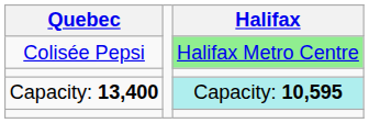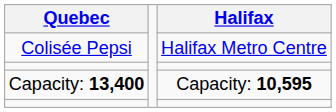 <table class="wikitable" style="text-align:center">
 <tr>
 <th><a href='#'>Quebec</a></th>
 <td rowspan=5 colspan=2></td>
 <th><a href='#'>Halifax</a></th>
 </tr>
 <tr>
 <td><a href='#'>Colisée Pepsi</a></td>
-<td style="background: lightgreen;"><a href='#'>Halifax Metro Centre</a></td>
+<td><a href='#'>Halifax Metro Centre</a></td>
 </tr>
 <tr>
 <td></td>
 <td></td>
 </tr>
 <tr>
 <td>Capacity: <strong>13,400</strong></td>
-<td style="background: paleturquoise;">Capacity: <strong>10,595</strong></td>
+<td>Capacity: <strong>10,595</strong></td>
 </tr>
 <tr>
 <td></td>
 <td></td>
 </tr>
 </table>
